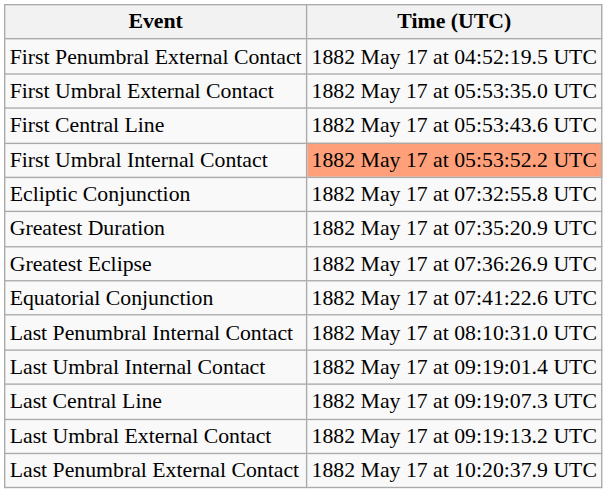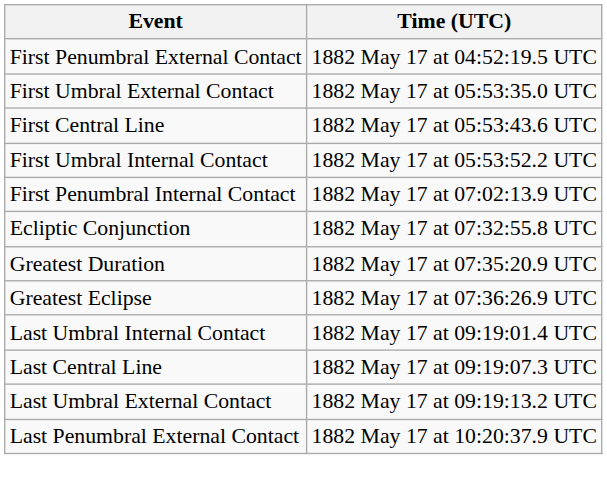 <table class="wikitable">
 <tr>
 <th>Event</th>
 <th>Time (UTC)</th>
 </tr>
 <tr>
 <td>First Penumbral External Contact</td>
 <td>1882 May 17 at 04:52:19.5 UTC</td>
 </tr>
 <tr>
 <td>First Umbral External Contact</td>
 <td>1882 May 17 at 05:53:35.0 UTC</td>
 </tr>
 <tr>
 <td>First Central Line</td>
 <td>1882 May 17 at 05:53:43.6 UTC</td>
 </tr>
 <tr>
 <td>First Umbral Internal Contact</td>
-<td style="background: lightsalmon;">1882 May 17 at 05:53:52.2 UTC</td>
+<td>1882 May 17 at 05:53:52.2 UTC</td>
+</tr>
+<tr>
+<td>First Penumbral Internal Contact</td>
+<td>1882 May 17 at 07:02:13.9 UTC</td>
 </tr>
 <tr>
 <td>Ecliptic Conjunction</td>
 <td>1882 May 17 at 07:32:55.8 UTC</td>
 </tr>
 <tr>
 <td>Greatest Duration</td>
 <td>1882 May 17 at 07:35:20.9 UTC</td>
 </tr>
 <tr>
 <td>Greatest Eclipse</td>
 <td>1882 May 17 at 07:36:26.9 UTC</td>
-</tr>
-<tr>
-<td>Equatorial Conjunction</td>
-<td>1882 May 17 at 07:41:22.6 UTC</td>
-</tr>
-<tr>
-<td>Last Penumbral Internal Contact</td>
-<td>1882 May 17 at 08:10:31.0 UTC</td>
 </tr>
 <tr>
 <td>Last Umbral Internal Contact</td>
 <td>1882 May 17 at 09:19:01.4 UTC</td>
 </tr>
 <tr>
 <td>Last Central Line</td>
 <td>1882 May 17 at 09:19:07.3 UTC</td>
 </tr>
 <tr>
 <td>Last Umbral External Contact</td>
 <td>1882 May 17 at 09:19:13.2 UTC</td>
 </tr>
 <tr>
 <td>Last Penumbral External Contact</td>
 <td>1882 May 17 at 10:20:37.9 UTC</td>
 </tr>
 </table>
